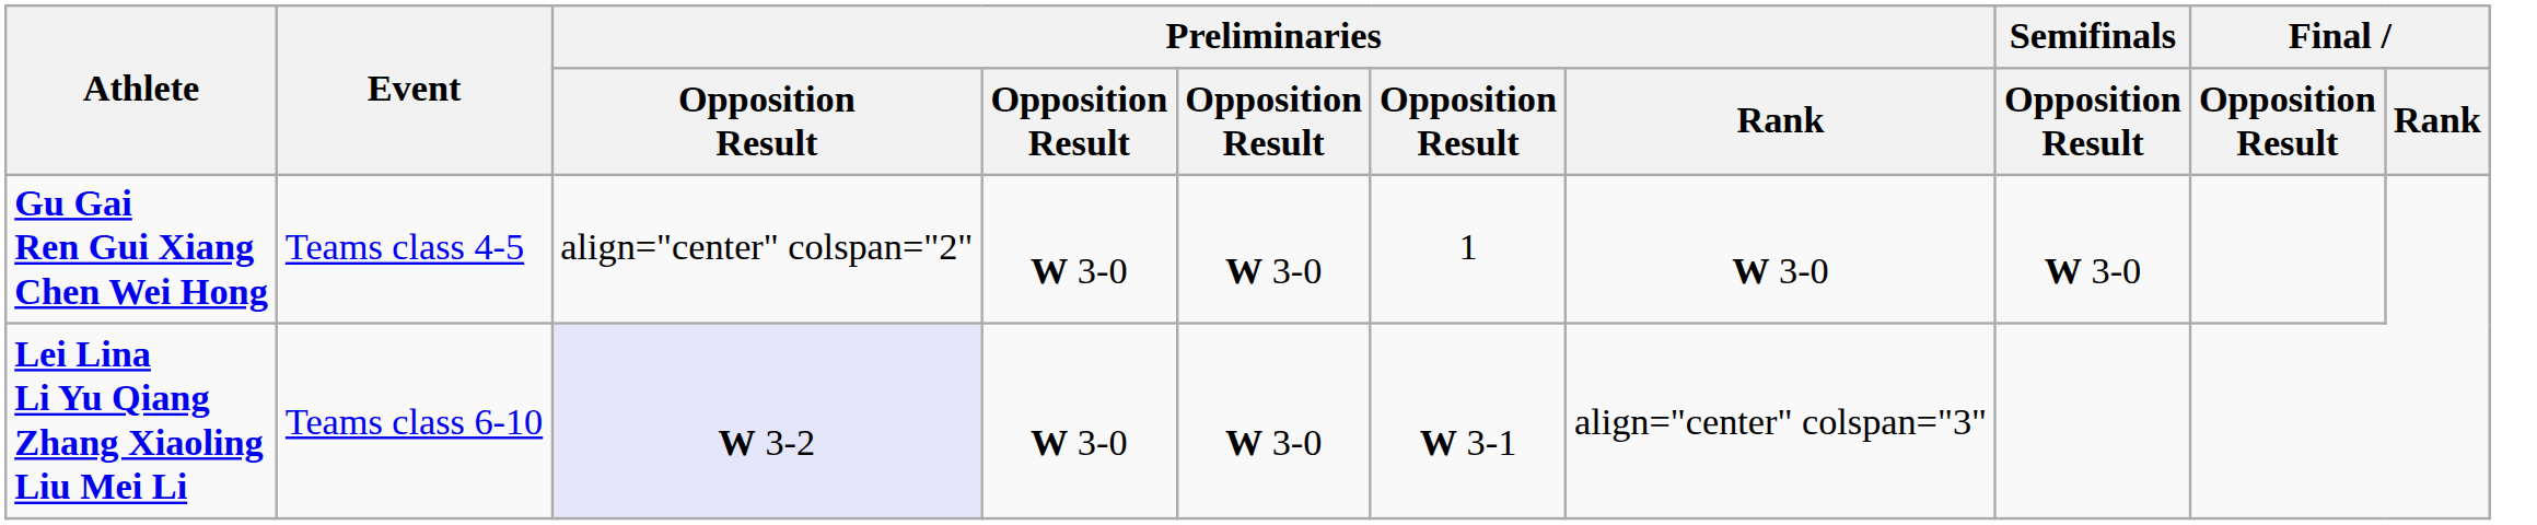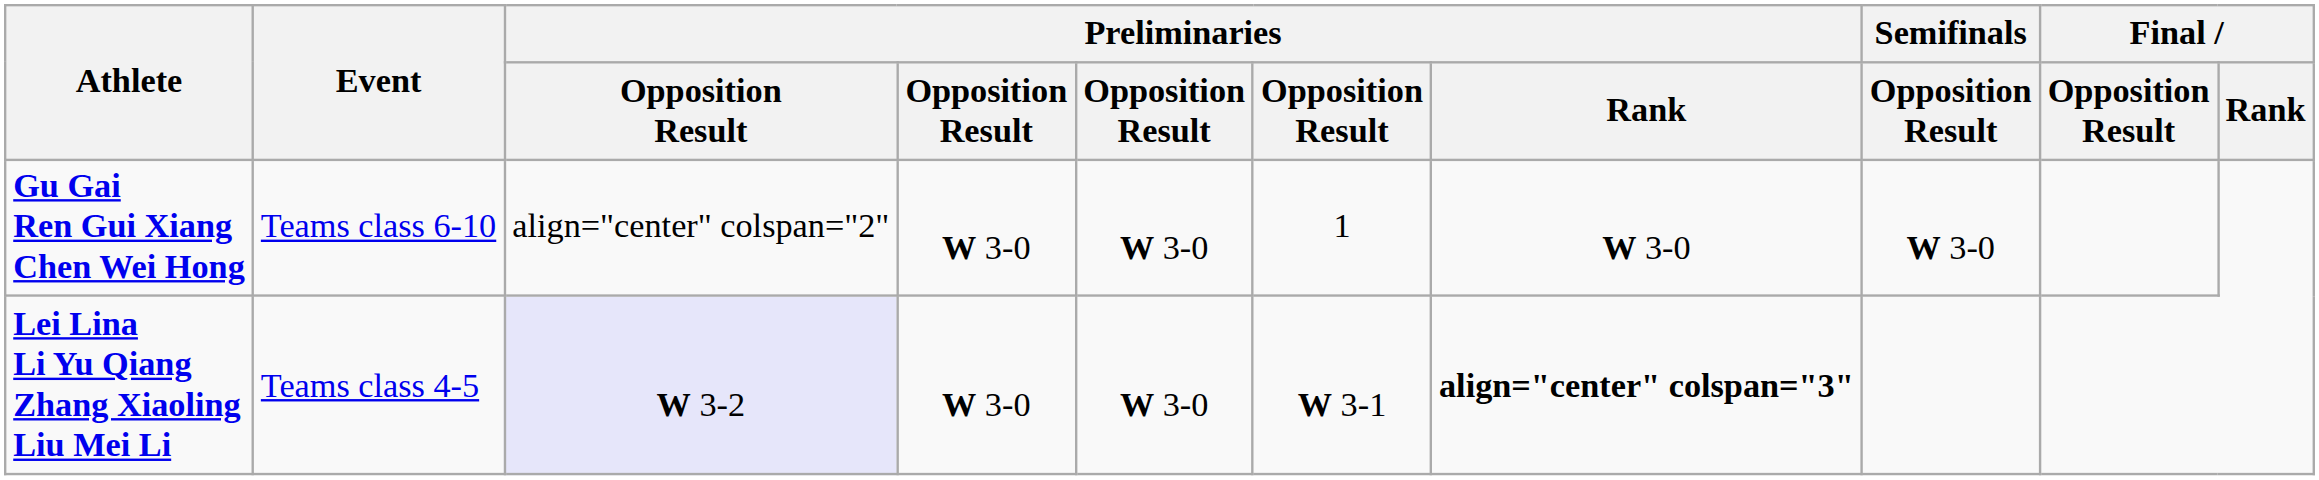 <table class=wikitable style="font-size:90%">
 <tr>
 <th rowspan="2">Athlete</th>
 <th rowspan="2">Event</th>
 <th colspan="5">Preliminaries</th>
 <th>Semifinals</th>
 <th colspan="3">Final / </th>
 </tr>
 <tr>
 <th>Opposition<br>Result</th>
 <th>Opposition<br>Result</th>
 <th>Opposition<br>Result</th>
 <th>Opposition<br>Result</th>
 <th>Rank</th>
 <th>Opposition<br>Result</th>
 <th>Opposition<br>Result</th>
 <th>Rank</th>
 </tr>
 <tr>
 <td><strong><a href='#'>Gu Gai</a></strong><br> <strong><a href='#'>Ren Gui Xiang</a></strong><br> <strong><a href='#'>Chen Wei Hong</a></strong></td>
-<td><a href='#'>Teams class 4-5</a></td>
+<td><a href='#'>Teams class 6-10</a></td>
 <td>align="center" colspan="2" </td>
 <td align="center"><br><strong>W</strong> 3-0</td>
 <td align="center"><br><strong>W</strong> 3-0</td>
 <td align="center">1</td>
 <td align="center"><br><strong>W</strong> 3-0</td>
 <td align="center"><br><strong>W</strong> 3-0</td>
 <td align="center"></td>
 </tr>
 <tr>
 <td><strong><a href='#'>Lei Lina</a></strong><br> <strong><a href='#'>Li Yu Qiang</a></strong><br> <strong><a href='#'>Zhang Xiaoling</a></strong><br> <strong><a href='#'>Liu Mei Li</a></strong></td>
-<td><a href='#'>Teams class 6-10</a></td>
+<td><a href='#'>Teams class 4-5</a></td>
 <td align="center" style="background: lavender;"><br><strong>W</strong> 3-2</td>
 <td align="center"><br><strong>W</strong> 3-0</td>
 <td align="center"><br><strong>W</strong> 3-0</td>
 <td align="center"><br><strong>W</strong> 3-1</td>
-<td>align="center" colspan="3" </td>
+<td><strong>align="center" colspan="3" </strong></td>
 <td align="center"></td>
 </tr>
 </table>
